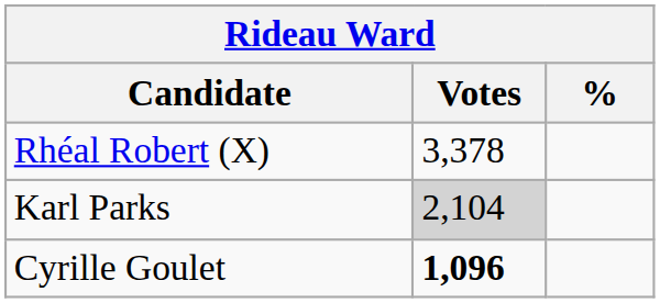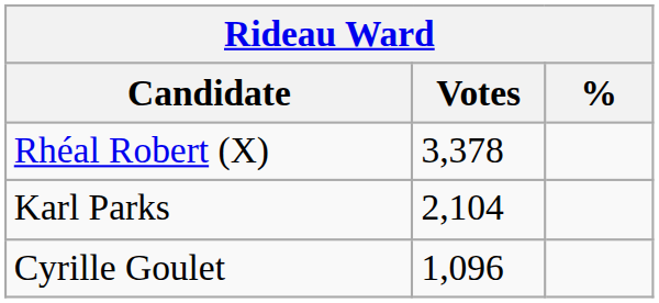 <table class="wikitable">
 <tr>
 <th colspan="3"><a href='#'>Rideau Ward</a></th>
 </tr>
 <tr>
 <th style="width: 170px">Candidate</th>
 <th style="width: 50px">Votes</th>
 <th style="width: 40px">%</th>
 </tr>
 <tr>
 <td><a href='#'>Rhéal Robert</a> (X)</td>
 <td>3,378</td>
 <td></td>
 </tr>
 <tr>
 <td>Karl Parks</td>
-<td style="background: lightgrey;">2,104</td>
+<td>2,104</td>
 <td></td>
 </tr>
 <tr>
 <td>Cyrille Goulet</td>
-<td><strong>1,096</strong></td>
+<td>1,096</td>
 <td></td>
 </tr>
 </table>
